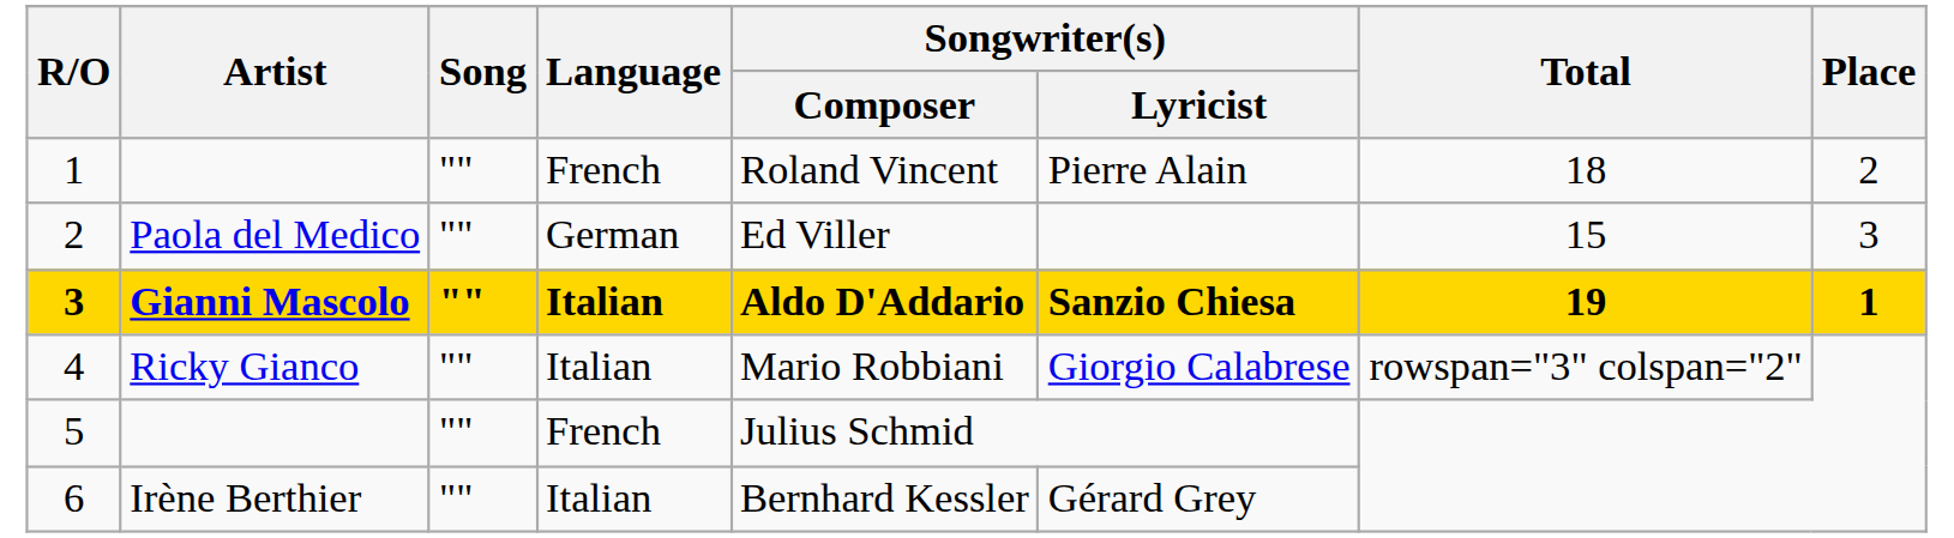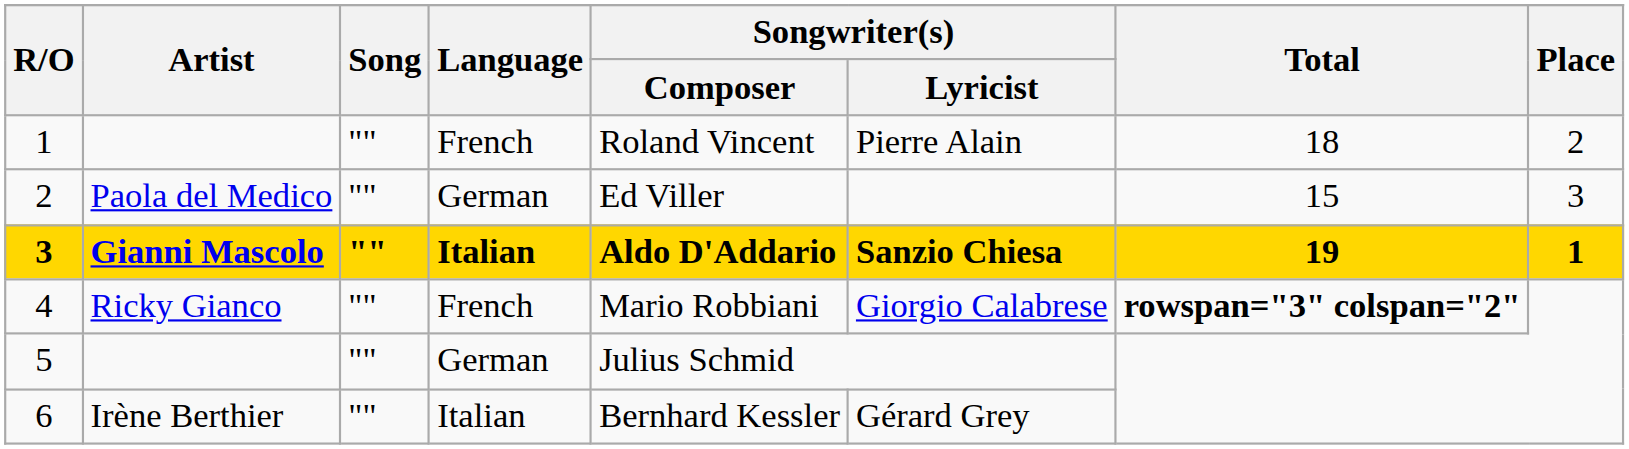 <table class="sortable wikitable" style="margin: 1em auto 1em auto; text-align:left;">
 <tr>
 </tr>
 <tr>
 <th rowspan="2">R/O</th>
 <th rowspan="2">Artist</th>
 <th rowspan="2">Song</th>
 <th rowspan="2">Language</th>
 <th colspan="2">Songwriter(s)</th>
 <th rowspan="2">Total</th>
 <th rowspan="2">Place</th>
 </tr>
 <tr>
 <th>Composer</th>
 <th>Lyricist</th>
 </tr>
 <tr>
 <td align="center">1</td>
 <td></td>
 <td>""</td>
 <td>French</td>
 <td>Roland Vincent</td>
 <td>Pierre Alain</td>
 <td align="center">18</td>
 <td align="center">2</td>
 </tr>
 <tr>
 <td align="center">2</td>
 <td><a href='#'>Paola del Medico</a></td>
 <td>""</td>
 <td>German</td>
 <td>Ed Viller</td>
 <td></td>
 <td align="center">15</td>
 <td align="center">3</td>
 </tr>
 <tr style="font-weight:bold; background:gold;">
 <td align="center">3</td>
 <td><a href='#'>Gianni Mascolo</a></td>
 <td>""</td>
 <td>Italian</td>
 <td>Aldo D'Addario</td>
 <td>Sanzio Chiesa</td>
 <td align="center">19</td>
 <td align="center">1</td>
 </tr>
 <tr>
 <td align="center">4</td>
 <td><a href='#'>Ricky Gianco</a></td>
 <td>""</td>
-<td>Italian</td>
+<td>French</td>
 <td>Mario Robbiani</td>
 <td><a href='#'>Giorgio Calabrese</a></td>
-<td>rowspan="3" colspan="2" </td>
+<td><strong>rowspan="3" colspan="2" </strong></td>
 </tr>
 <tr>
 <td align="center">5</td>
 <td></td>
 <td>""</td>
-<td>French</td>
+<td>German</td>
 <td colspan="2">Julius Schmid</td>
 </tr>
 <tr>
 <td align="center">6</td>
 <td>Irène Berthier</td>
 <td>""</td>
 <td>Italian</td>
 <td>Bernhard Kessler</td>
 <td>Gérard Grey</td>
 </tr>
 </table>
